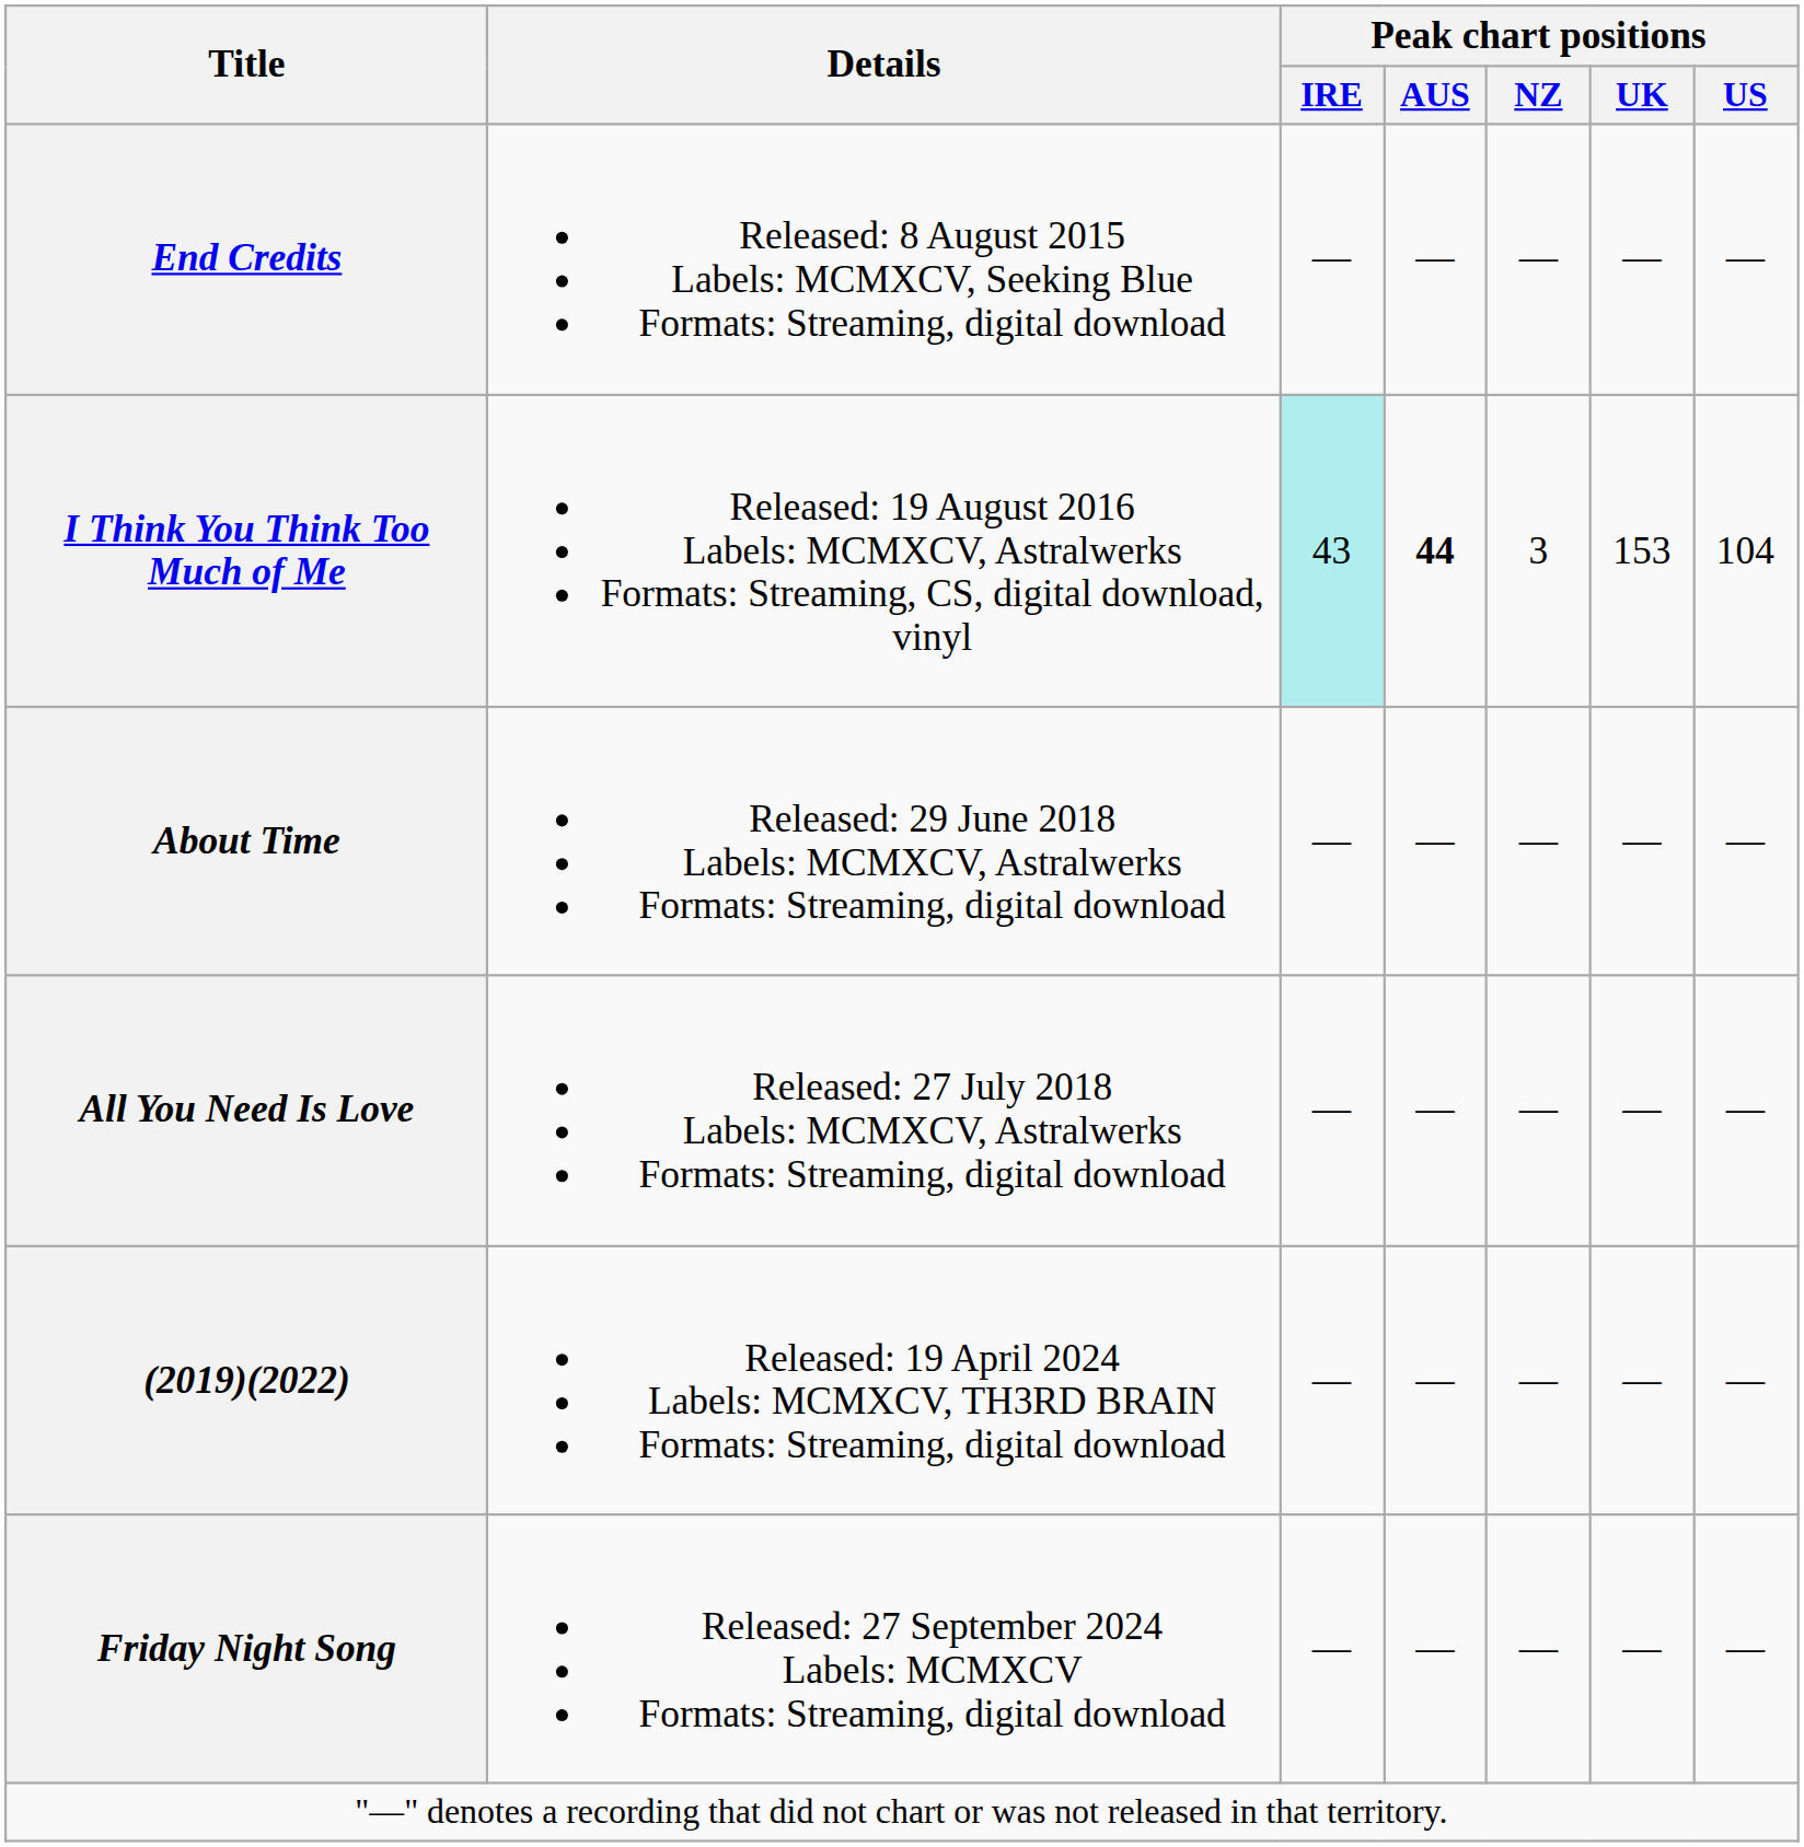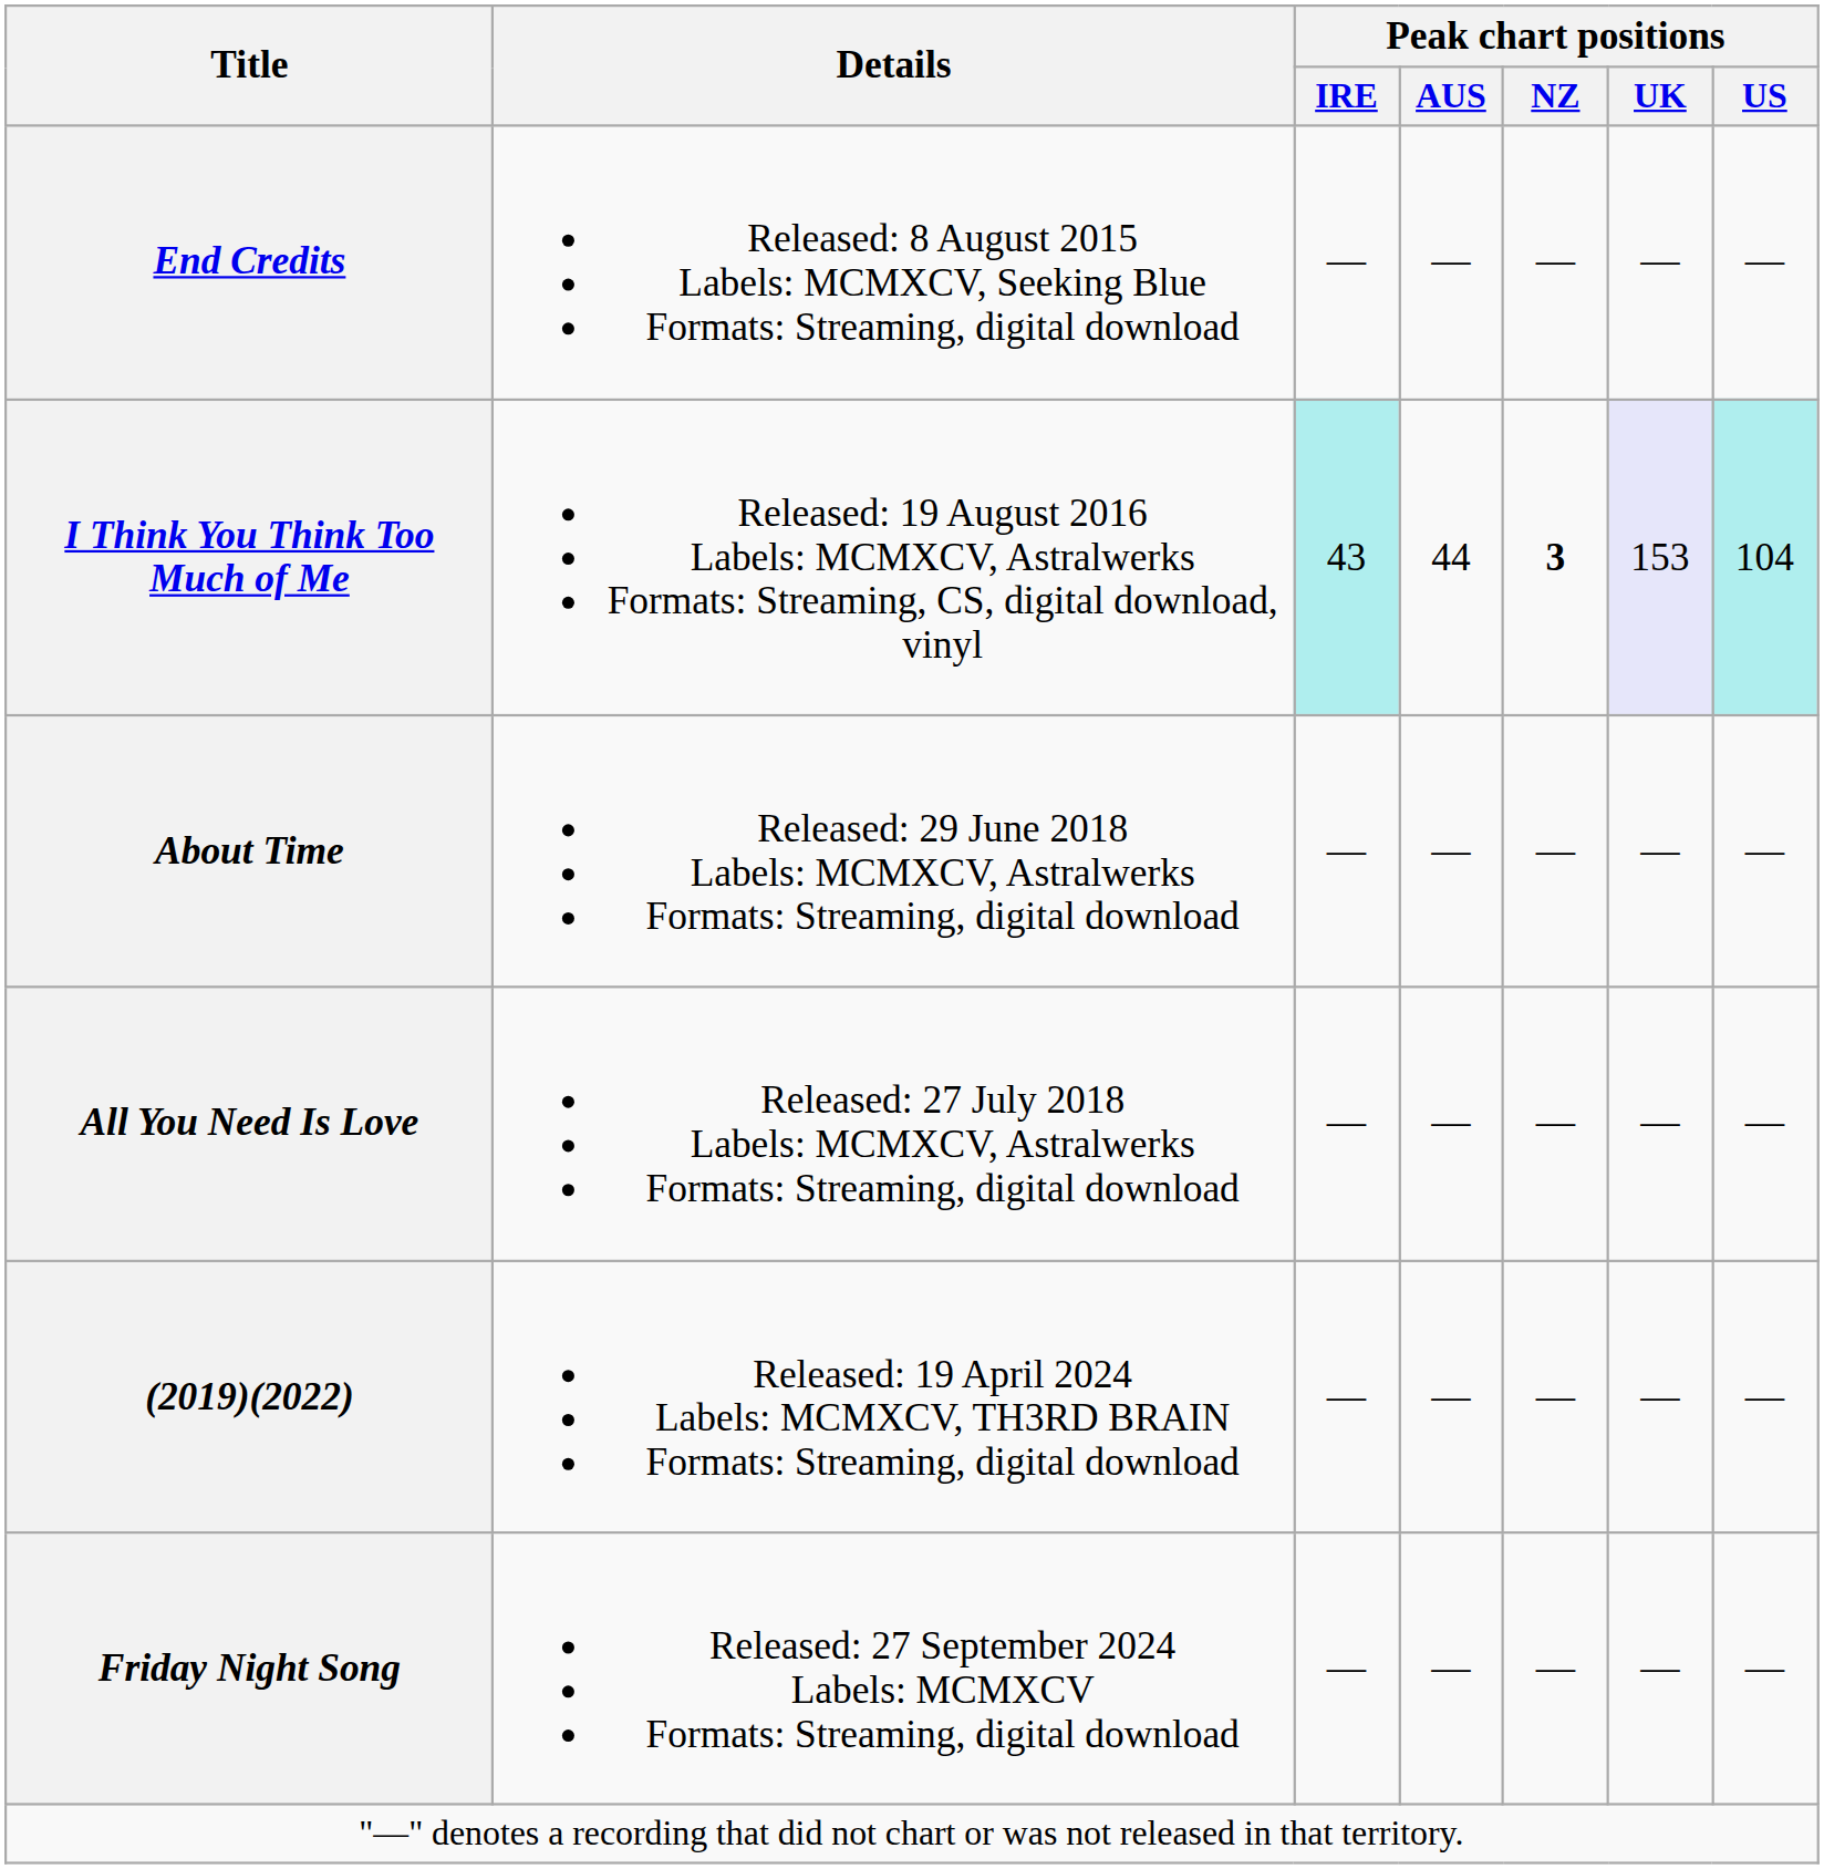 <table class="wikitable plainrowheaders" style="text-align:center;">
 <tr>
 <th scope="col" style="width:12em;" rowspan="2">Title</th>
 <th scope="col" style="width:20em;" rowspan="2">Details</th>
 <th scope="col" colspan="5">Peak chart positions</th>
 </tr>
 <tr>
 <th scope="col" style="width:2.5em;font-size:90%;"><a href='#'>IRE</a><br></th>
 <th scope="col" style="width:2.5em;font-size:90%;"><a href='#'>AUS</a><br></th>
 <th scope="col" style="width:2.5em;font-size:90%;"><a href='#'>NZ</a><br></th>
 <th scope="col" style="width:2.5em;font-size:90%;"><a href='#'>UK</a><br></th>
 <th scope="col" style="width:2.5em;font-size:90%;"><a href='#'>US</a><br></th>
 </tr>
 <tr>
 <th scope="row"><em><a href='#'>End Credits</a></em></th>
 <td><br><ul><li>Released: 8 August 2015</li><li>Labels: MCMXCV, Seeking Blue</li><li>Formats: Streaming, digital download</li></ul></td>
 <td>—</td>
 <td>—</td>
 <td>—</td>
 <td>—</td>
 <td>—</td>
 </tr>
 <tr>
 <th scope="row"><em><a href='#'>I Think You Think Too Much of Me</a></em></th>
 <td><br><ul><li>Released: 19 August 2016</li><li>Labels: MCMXCV, Astralwerks</li><li>Formats: Streaming, CS, digital download, vinyl</li></ul></td>
 <td style="background: paleturquoise;">43</td>
-<td><strong>44</strong></td>
-<td>3</td>
-<td>153</td>
-<td>104</td>
+<td>44</td>
+<td><strong>3</strong></td>
+<td style="background: lavender;">153</td>
+<td style="background: paleturquoise;">104</td>
 </tr>
 <tr>
 <th scope="row"><em>About Time</em></th>
 <td><br><ul><li>Released: 29 June 2018</li><li>Labels: MCMXCV, Astralwerks</li><li>Formats: Streaming, digital download</li></ul></td>
 <td>—</td>
 <td>—</td>
 <td>—</td>
 <td>—</td>
 <td>—</td>
 </tr>
 <tr>
 <th scope="row"><em>All You Need Is Love</em></th>
 <td><br><ul><li>Released: 27 July 2018</li><li>Labels: MCMXCV, Astralwerks</li><li>Formats: Streaming, digital download</li></ul></td>
 <td>—</td>
 <td>—</td>
 <td>—</td>
 <td>—</td>
 <td>—</td>
 </tr>
 <tr>
 <th scope="row"><em>(2019)(2022)</em></th>
 <td><br><ul><li>Released: 19 April 2024</li><li>Labels: MCMXCV, TH3RD BRAIN</li><li>Formats: Streaming, digital download</li></ul></td>
 <td>—</td>
 <td>—</td>
 <td>—</td>
 <td>—</td>
 <td>—</td>
 </tr>
 <tr>
 <th scope="row"><em>Friday Night Song</em></th>
 <td><br><ul><li>Released: 27 September 2024</li><li>Labels: MCMXCV</li><li>Formats: Streaming, digital download</li></ul></td>
 <td>—</td>
 <td>—</td>
 <td>—</td>
 <td>—</td>
 <td>—</td>
 </tr>
 <tr>
 <td colspan="7" style="font-size:90%">"—" denotes a recording that did not chart or was not released in that territory.</td>
 </tr>
 </table>
